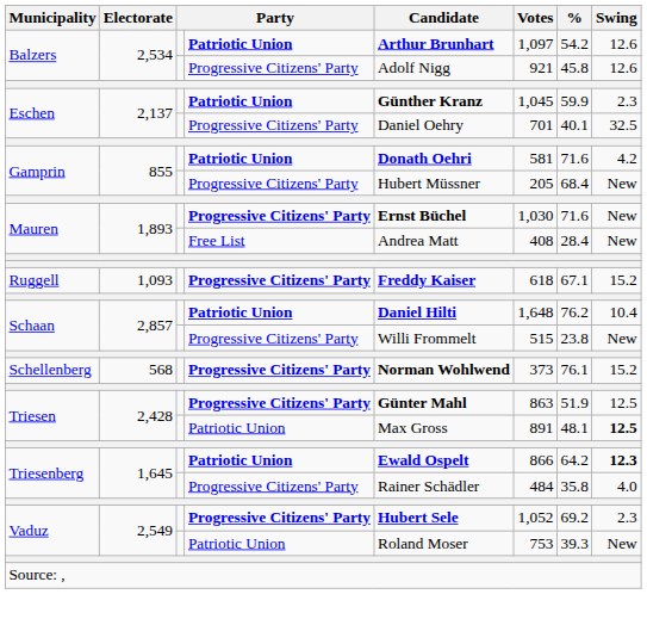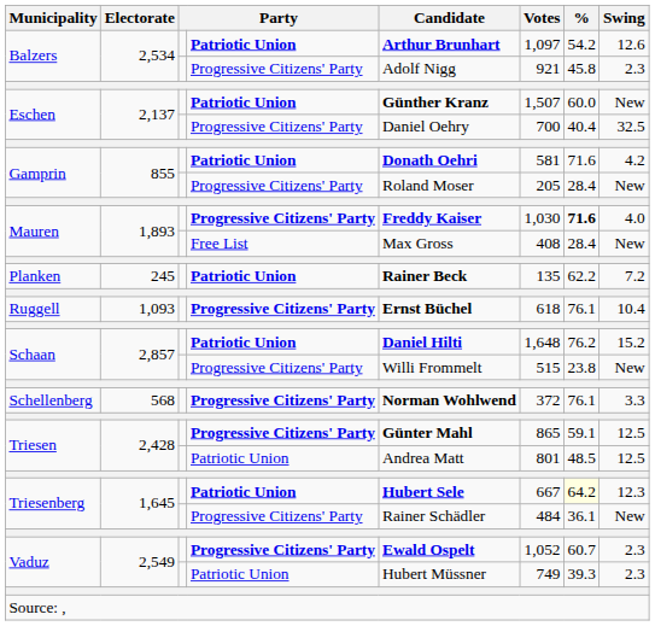 <table class="wikitable" style="text-align:right">
 <tr>
 <th>Municipality</th>
 <th>Electorate</th>
 <th colspan="2">Party</th>
 <th>Candidate</th>
 <th>Votes</th>
 <th>%</th>
 <th>Swing</th>
 </tr>
 <tr>
 <td rowspan="2" align=left><a href='#'>Balzers</a></td>
 <td rowspan="2">2,534</td>
 <td style="color:inherit;background:"></td>
 <td align="left"><a href='#'><strong>Patriotic Union</strong></a></td>
 <td align="left"><strong><a href='#'>Arthur Brunhart</a></strong></td>
 <td>1,097</td>
 <td>54.2</td>
 <td> 12.6</td>
 </tr>
 <tr>
 <td width="1" style="color:inherit;background:"></td>
 <td align="left"><a href='#'>Progressive Citizens' Party</a></td>
 <td align="left">Adolf Nigg</td>
 <td>921</td>
 <td>45.8</td>
-<td> 12.6</td>
+<td> 2.3</td>
 </tr>
 <tr>
 <th colspan="8"></th>
 </tr>
 <tr>
 <td rowspan="2" align=left><a href='#'>Eschen</a></td>
 <td rowspan="2">2,137</td>
 <td style="color:inherit;background:"></td>
 <td align=left><a href='#'><strong>Patriotic Union</strong></a></td>
 <td align=left><strong>Günther Kranz</strong></td>
-<td>1,045</td>
-<td>59.9</td>
-<td> 2.3</td>
+<td>1,507</td>
+<td>60.0</td>
+<td>New</td>
 </tr>
 <tr>
 <td style="color:inherit;background:"></td>
 <td align="left"><a href='#'>Progressive Citizens' Party</a></td>
 <td align="left">Daniel Oehry</td>
-<td>701</td>
-<td>40.1</td>
+<td>700</td>
+<td>40.4</td>
 <td> 32.5</td>
 </tr>
 <tr>
 <th colspan="8"></th>
 </tr>
 <tr>
 <td rowspan="2" align="left"><a href='#'>Gamprin</a></td>
 <td rowspan="2">855</td>
 <td style="color:inherit;background:"></td>
 <td align="left"><a href='#'><strong>Patriotic Union</strong></a></td>
 <td align="left"><strong><a href='#'>Donath Oehri</a></strong></td>
 <td>581</td>
 <td>71.6</td>
 <td> 4.2</td>
 </tr>
 <tr>
 <td style="color:inherit;background:"></td>
 <td align=left><a href='#'>Progressive Citizens' Party</a></td>
-<td align=left>Hubert Müssner</td>
+<td align="left">Roland Moser</td>
 <td>205</td>
-<td>68.4</td>
+<td>28.4</td>
 <td>New</td>
 </tr>
 <tr>
 <th colspan="8"></th>
 </tr>
 <tr>
 <td rowspan="2" align="left"><a href='#'>Mauren</a></td>
 <td rowspan="2">1,893</td>
 <td style="color:inherit;background:"></td>
 <td align="left"><strong><a href='#'>Progressive Citizens' Party</a></strong></td>
-<td align="left"><strong>Ernst Büchel</strong></td>
+<td align="left"><strong><a href='#'>Freddy Kaiser</a></strong></td>
 <td>1,030</td>
-<td>71.6</td>
-<td>New</td>
+<td><strong>71.6</strong></td>
+<td> 4.0</td>
 </tr>
 <tr>
 <td style="color:inherit;background:"></td>
 <td align=left><a href='#'>Free List</a></td>
-<td align=left>Andrea Matt</td>
+<td align="left">Max Gross</td>
 <td>408</td>
 <td>28.4</td>
 <td>New</td>
 </tr>
 <tr>
 <th colspan="8"></th>
+</tr>
+<tr>
+<td align="left"><a href='#'>Planken</a></td>
+<td>245</td>
+<td style="color:inherit;background:"></td>
+<td align="left"><a href='#'><strong>Patriotic Union</strong></a></td>
+<td align="left"><strong>Rainer Beck</strong></td>
+<td>135</td>
+<td>62.2</td>
+<td> 7.2</td>
 </tr>
 <tr>
 <th colspan="8"></th>
 </tr>
 <tr>
 <td align="left"><a href='#'>Ruggell</a></td>
 <td>1,093</td>
 <td style="color:inherit;background:"></td>
 <td align="left"><strong><a href='#'>Progressive Citizens' Party</a></strong></td>
-<td align="left"><strong><a href='#'>Freddy Kaiser</a></strong></td>
+<td align="left"><strong>Ernst Büchel</strong></td>
 <td>618</td>
-<td>67.1</td>
-<td> 15.2</td>
+<td>76.1</td>
+<td> 10.4</td>
 </tr>
 <tr>
 <th colspan="8"></th>
 </tr>
 <tr>
 <td rowspan="2" align="left"><a href='#'>Schaan</a></td>
 <td rowspan="2">2,857</td>
 <td style="color:inherit;background:"></td>
 <td align="left"><a href='#'><strong>Patriotic Union</strong></a></td>
 <td align="left"><strong><a href='#'>Daniel Hilti</a></strong></td>
 <td>1,648</td>
 <td>76.2</td>
-<td> 10.4</td>
+<td> 15.2</td>
 </tr>
 <tr>
 <td style="color:inherit;background:"></td>
 <td align=left><a href='#'>Progressive Citizens' Party</a></td>
 <td align=left>Willi Frommelt</td>
 <td>515</td>
 <td>23.8</td>
 <td>New</td>
 </tr>
 <tr>
 <th colspan="8"></th>
 </tr>
 <tr>
 <td align="left"><a href='#'>Schellenberg</a></td>
 <td>568</td>
 <td style="color:inherit;background:"></td>
 <td align="left"><strong><a href='#'>Progressive Citizens' Party</a></strong></td>
 <td align="left"><strong>Norman Wohlwend</strong></td>
-<td>373</td>
+<td>372</td>
 <td>76.1</td>
-<td> 15.2</td>
+<td> 3.3</td>
 </tr>
 <tr>
 <th colspan="8"></th>
 </tr>
 <tr>
 <td rowspan="2" align="left"><a href='#'>Triesen</a></td>
 <td rowspan="2">2,428</td>
 <td style="color:inherit;background:"></td>
 <td align="left"><strong><a href='#'>Progressive Citizens' Party</a></strong></td>
 <td align="left"><strong>Günter Mahl</strong></td>
-<td>863</td>
-<td>51.9</td>
+<td>865</td>
+<td>59.1</td>
 <td> 12.5</td>
 </tr>
 <tr>
 <td style="color:inherit;background:"></td>
 <td align="left"><a href='#'>Patriotic Union</a></td>
-<td align="left">Max Gross</td>
-<td>891</td>
-<td>48.1</td>
-<td><strong> 12.5</strong></td>
+<td align=left>Andrea Matt</td>
+<td>801</td>
+<td>48.5</td>
+<td> 12.5</td>
 </tr>
 <tr>
 <th colspan="8"></th>
 </tr>
 <tr>
 <td rowspan="2" align="left"><a href='#'>Triesenberg</a></td>
 <td rowspan="2">1,645</td>
 <td style="color:inherit;background:"></td>
 <td align="left"><a href='#'><strong>Patriotic Union</strong></a></td>
-<td align="left"><strong><a href='#'>Ewald Ospelt</a></strong></td>
-<td>866</td>
-<td>64.2</td>
-<td><strong> 12.3</strong></td>
+<td align="left"><strong><a href='#'>Hubert Sele</a></strong></td>
+<td>667</td>
+<td style="background: lightyellow;">64.2</td>
+<td> 12.3</td>
 </tr>
 <tr>
 <td style="color:inherit;background:"></td>
 <td align=left><a href='#'>Progressive Citizens' Party</a></td>
 <td align=left>Rainer Schädler</td>
 <td>484</td>
-<td>35.8</td>
-<td> 4.0</td>
+<td>36.1</td>
+<td>New</td>
 </tr>
 <tr>
 <th colspan="8"></th>
 </tr>
 <tr>
 <td rowspan="2" align="left"><a href='#'>Vaduz</a></td>
 <td rowspan="2">2,549</td>
 <td style="color:inherit;background:"></td>
 <td align="left"><strong><a href='#'>Progressive Citizens' Party</a></strong></td>
-<td align="left"><strong><a href='#'>Hubert Sele</a></strong></td>
+<td align="left"><strong><a href='#'>Ewald Ospelt</a></strong></td>
 <td>1,052</td>
-<td>69.2</td>
+<td>60.7</td>
 <td> 2.3</td>
 </tr>
 <tr>
 <td style="color:inherit;background:"></td>
 <td align="left"><a href='#'>Patriotic Union</a></td>
-<td align="left">Roland Moser</td>
-<td>753</td>
+<td align=left>Hubert Müssner</td>
+<td>749</td>
 <td>39.3</td>
-<td>New</td>
+<td> 2.3</td>
 </tr>
 <tr>
 <th colspan="8"></th>
 </tr>
 <tr>
 <td colspan="8" align="left">Source: , </td>
 </tr>
 </table>
